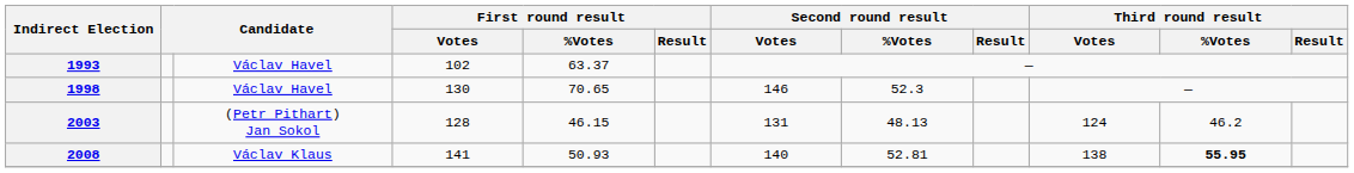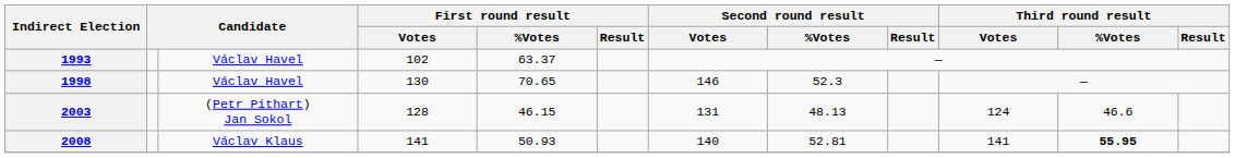 <table class="wikitable" style=text-align:center;font-size:85%;line-height:14px;">
 <tr>
 <th width="120" rowspan="2">Indirect Election</th>
 <th width="180" rowspan="2" colspan=2>Candidate</th>
 <th width="200" colspan=3>First round result</th>
 <th width="200" colspan=3>Second round result</th>
 <th width="200" colspan=3>Third round result</th>
 </tr>
 <tr>
 <th width="100">Votes</th>
 <th width="100">%Votes</th>
 <th>Result</th>
 <th width="100">Votes</th>
 <th width="100">%Votes</th>
 <th>Result</th>
 <th width="100">Votes</th>
 <th width="100">%Votes</th>
 <th>Result</th>
 </tr>
 <tr>
 <th><a href='#'>1993</a></th>
 <td style="background-color: "></td>
 <td><a href='#'>Václav Havel</a></td>
 <td>102</td>
 <td>63.37</td>
 <td></td>
 <td colspan=6 align=center>—</td>
 </tr>
 <tr>
 <th><a href='#'>1998</a></th>
 <td style="background-color: "></td>
 <td><a href='#'>Václav Havel</a></td>
 <td>130</td>
 <td>70.65</td>
 <td></td>
 <td>146</td>
 <td>52.3</td>
 <td></td>
 <td colspan=3 align=center>—</td>
 </tr>
 <tr>
 <th><a href='#'>2003</a></th>
 <td style="background-color: "></td>
 <td>(<a href='#'>Petr Pithart</a>)<br><a href='#'>Jan Sokol</a></td>
 <td>128</td>
 <td>46.15</td>
 <td></td>
 <td>131</td>
 <td>48.13</td>
 <td></td>
 <td>124</td>
-<td>46.2</td>
+<td>46.6</td>
 <td></td>
 </tr>
 <tr>
 <th><a href='#'>2008</a></th>
 <td style="background-color: "></td>
 <td><a href='#'>Václav Klaus</a></td>
 <td>141</td>
 <td>50.93</td>
 <td></td>
 <td>140</td>
 <td>52.81</td>
 <td></td>
-<td>138</td>
+<td>141</td>
 <td><strong>55.95</strong></td>
 <td></td>
 </tr>
 <tr>
 </tr>
 </table>
